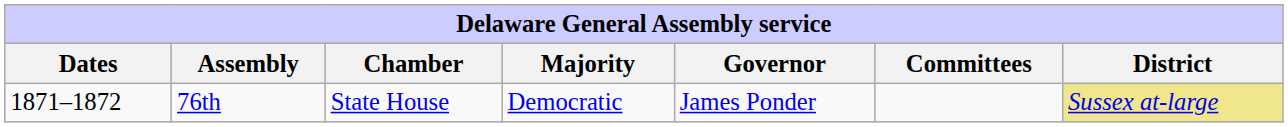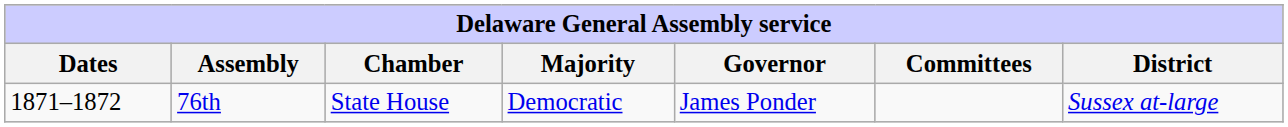 <table class=wikitable style="width: 94%" style="text-align: center;" align="center">
 <tr bgcolor=#cccccc>
 <th colspan=7 style="background: #ccccff;">Delaware General Assembly service</th>
 </tr>
 <tr>
 <th><strong>Dates</strong></th>
 <th><strong>Assembly</strong></th>
 <th><strong>Chamber</strong></th>
 <th><strong>Majority</strong></th>
 <th><strong>Governor</strong></th>
 <th><strong>Committees</strong></th>
 <th><strong>District</strong></th>
 </tr>
 <tr>
 <td>1871–1872</td>
 <td><a href='#'>76th</a></td>
 <td><a href='#'>State House</a></td>
 <td><a href='#'>Democratic</a></td>
 <td><a href='#'>James Ponder</a></td>
 <td></td>
-<td style="background: khaki;"><a href='#'><em>Sussex at-large</em></a></td>
+<td><a href='#'><em>Sussex at-large</em></a></td>
 </tr>
 </table>
